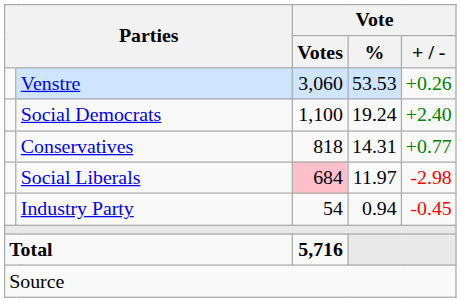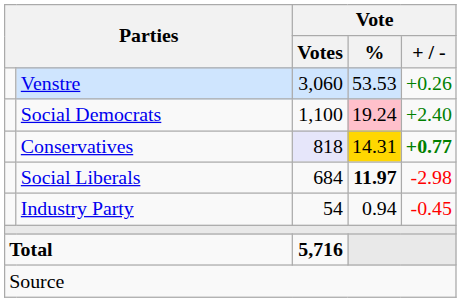 <table class="wikitable" style="text-align:right;">
 <tr>
 <th style="text-align:centre;" rowspan="2" colspan="2" width="225">Parties</th>
 <th colspan="3">Vote</th>
 </tr>
 <tr>
 <th width="15">Votes</th>
 <th width="15">%</th>
 <th width="15">+ / -</th>
 </tr>
 <tr>
 <td width="2" style="color:inherit;background:"></td>
 <td bgcolor=#cfe5fe  align="left"><a href='#'>Venstre</a></td>
 <td bgcolor=#cfe5fe>3,060</td>
 <td bgcolor=#cfe5fe>53.53</td>
 <td style=color:green;>+0.26</td>
 </tr>
 <tr>
 <td width="2" style="color:inherit;background:"></td>
 <td align="left"><a href='#'>Social Democrats</a></td>
 <td>1,100</td>
-<td>19.24</td>
+<td style="background: pink;">19.24</td>
 <td style=color:green;>+2.40</td>
 </tr>
 <tr>
 <td width="2" style="color:inherit;background:"></td>
 <td align="left"><a href='#'>Conservatives</a></td>
-<td>818</td>
-<td>14.31</td>
-<td style=color:green;>+0.77</td>
+<td style="background: lavender;">818</td>
+<td style="background: gold;">14.31</td>
+<td style=color:green;><strong>+0.77</strong></td>
 </tr>
 <tr>
 <td width="2" style="color:inherit;background:"></td>
 <td align="left"><a href='#'>Social Liberals</a></td>
-<td style="background: pink;">684</td>
-<td>11.97</td>
+<td>684</td>
+<td><strong>11.97</strong></td>
 <td style=color:red;>-2.98</td>
 </tr>
 <tr>
 <td width="2" style="color:inherit;background:"></td>
 <td align="left"><a href='#'>Industry Party</a></td>
 <td>54</td>
 <td>0.94</td>
 <td style=color:red;>-0.45</td>
 </tr>
 <tr>
 <td colspan="7" bgcolor="#E9E9E9"></td>
 </tr>
 <tr>
 <td align="left" colspan="2"><strong>Total</strong></td>
 <td><strong>5,716</strong></td>
 <td bgcolor="#E9E9E9" colspan="2"></td>
 </tr>
 <tr>
 <td align="left" colspan="6">Source</td>
 </tr>
 </table>
